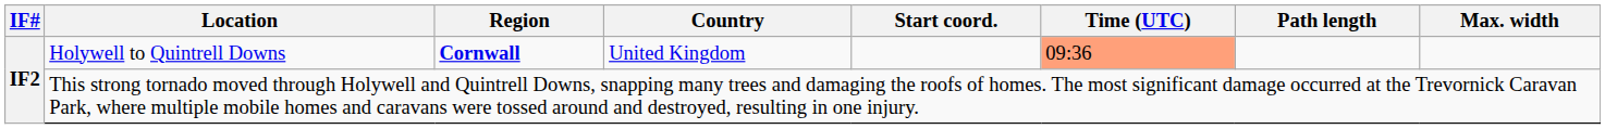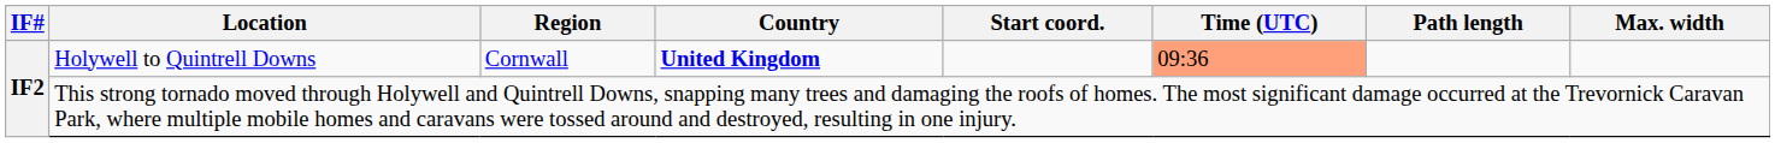 <table class="wikitable sortable" style="width:100%;">
 <tr>
 <th scope="col" width="2%" align="center"><a href='#'>IF#</a></th>
 <th scope="col" align="center" class="unsortable">Location</th>
 <th scope="col" align="center" class="unsortable">Region</th>
 <th scope="col" align="center">Country</th>
 <th scope="col" align="center">Start coord.</th>
 <th scope="col" align="center">Time (<a href='#'>UTC</a>)</th>
 <th scope="col" align="center">Path length</th>
 <th scope="col" align="center">Max. width</th>
 </tr>
 <tr>
 <th scope="row" rowspan="2" style="background-color:#">IF2</th>
 <td><a href='#'>Holywell</a> to <a href='#'>Quintrell Downs</a></td>
-<td><strong><a href='#'>Cornwall</a></strong></td>
-<td><a href='#'>United Kingdom</a></td>
+<td><a href='#'>Cornwall</a></td>
+<td><strong><a href='#'>United Kingdom</a></strong></td>
 <td></td>
 <td style="background: lightsalmon;">09:36</td>
 <td></td>
 <td></td>
 </tr>
 <tr class="expand-child">
 <td colspan="8" style=" border-bottom: 1px solid black;">This strong tornado moved through Holywell and Quintrell Downs, snapping many trees and damaging the roofs of homes. The most significant damage occurred at the Trevornick Caravan Park, where multiple mobile homes and caravans were tossed around and destroyed, resulting in one injury.</td>
 </tr>
 </table>
